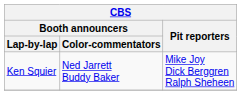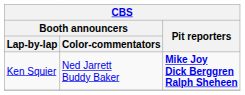 <table class="wikitable" style="font-size: 95%">
 <tr>
 <th colspan=4><a href='#'>CBS</a></th>
 </tr>
 <tr>
 <th colspan=2>Booth announcers</th>
 <th rowspan=2>Pit reporters</th>
 </tr>
 <tr>
 <th><strong>Lap-by-lap</strong></th>
 <th><strong>Color-commentators</strong></th>
 </tr>
 <tr>
 <td><a href='#'>Ken Squier</a></td>
 <td><a href='#'>Ned Jarrett</a> <br> <a href='#'>Buddy Baker</a></td>
-<td><a href='#'>Mike Joy</a> <br> <a href='#'>Dick Berggren</a> <br> <a href='#'>Ralph Sheheen</a></td>
+<td><strong><a href='#'>Mike Joy</a> <br> <a href='#'>Dick Berggren</a> <br> <a href='#'>Ralph Sheheen</a></strong></td>
 </tr>
 <tr>
 </tr>
 </table>
